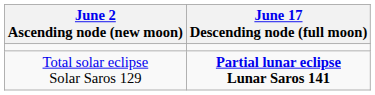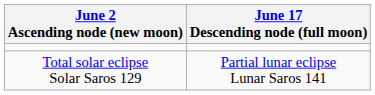 <table class="wikitable">
 <tr>
 <th><a href='#'>June 2</a><br>Ascending node (new moon)<br></th>
 <th><a href='#'>June 17</a><br>Descending node (full moon)<br></th>
 </tr>
 <tr>
 <td></td>
 <td></td>
 </tr>
 <tr align=center>
 <td><a href='#'>Total solar eclipse</a><br>Solar Saros 129</td>
-<td><strong><a href='#'>Partial lunar eclipse</a><br>Lunar Saros 141</strong></td>
+<td><a href='#'>Partial lunar eclipse</a><br>Lunar Saros 141</td>
 </tr>
 </table>
